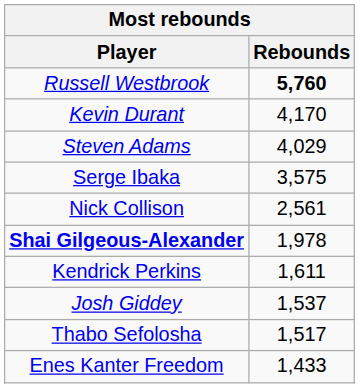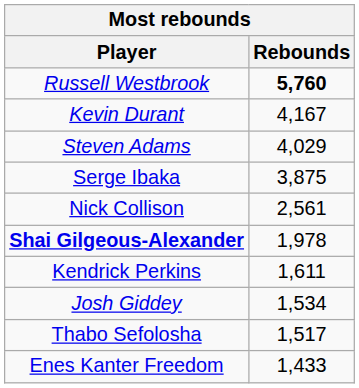 <table class="wikitable sortable" style="text-align:center">
 <tr>
 <th colspan="2" style="text-align:center; ">Most rebounds</th>
 </tr>
 <tr>
 <th style="text-align:center; ">Player</th>
 <th style="text-align:center; ">Rebounds</th>
 </tr>
 <tr>
 <td><em><a href='#'>Russell Westbrook</a></em></td>
 <td><strong>5,760</strong></td>
 </tr>
 <tr>
 <td><em><a href='#'>Kevin Durant</a></em></td>
-<td>4,170</td>
+<td>4,167</td>
 </tr>
 <tr>
 <td><em><a href='#'>Steven Adams</a></em></td>
 <td>4,029</td>
 </tr>
 <tr>
 <td><a href='#'>Serge Ibaka</a></td>
-<td>3,575</td>
+<td>3,875</td>
 </tr>
 <tr>
 <td><a href='#'>Nick Collison</a></td>
 <td>2,561</td>
 </tr>
 <tr>
 <td><strong><a href='#'>Shai Gilgeous-Alexander</a></strong></td>
 <td>1,978</td>
 </tr>
 <tr>
 <td><a href='#'>Kendrick Perkins</a></td>
 <td>1,611</td>
 </tr>
 <tr>
 <td><em><a href='#'>Josh Giddey</a></em></td>
-<td>1,537</td>
+<td>1,534</td>
 </tr>
 <tr>
 <td><a href='#'>Thabo Sefolosha</a></td>
 <td>1,517</td>
 </tr>
 <tr>
 <td><a href='#'>Enes Kanter Freedom</a></td>
 <td>1,433</td>
 </tr>
 </table>
